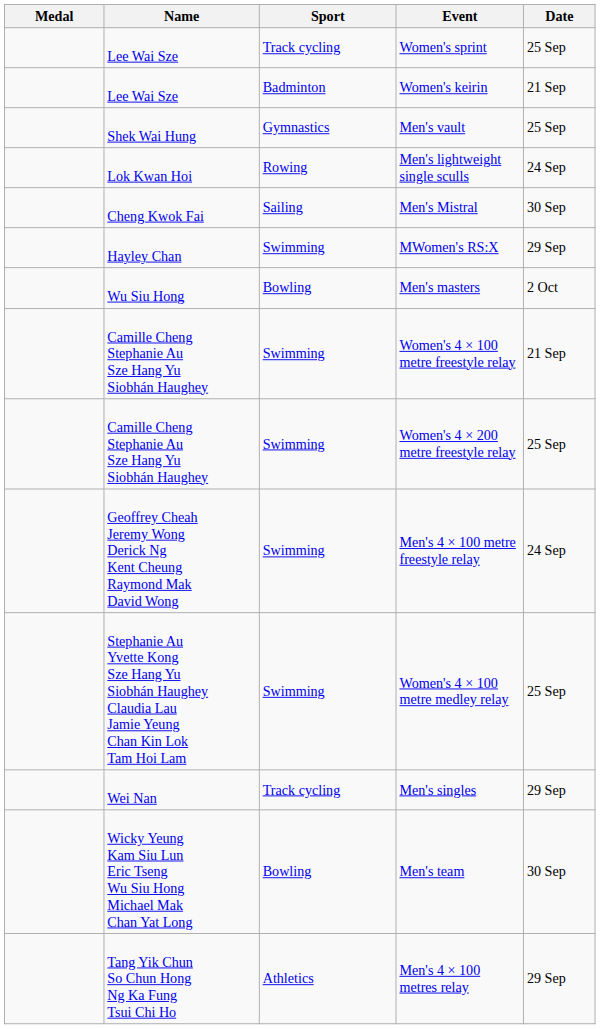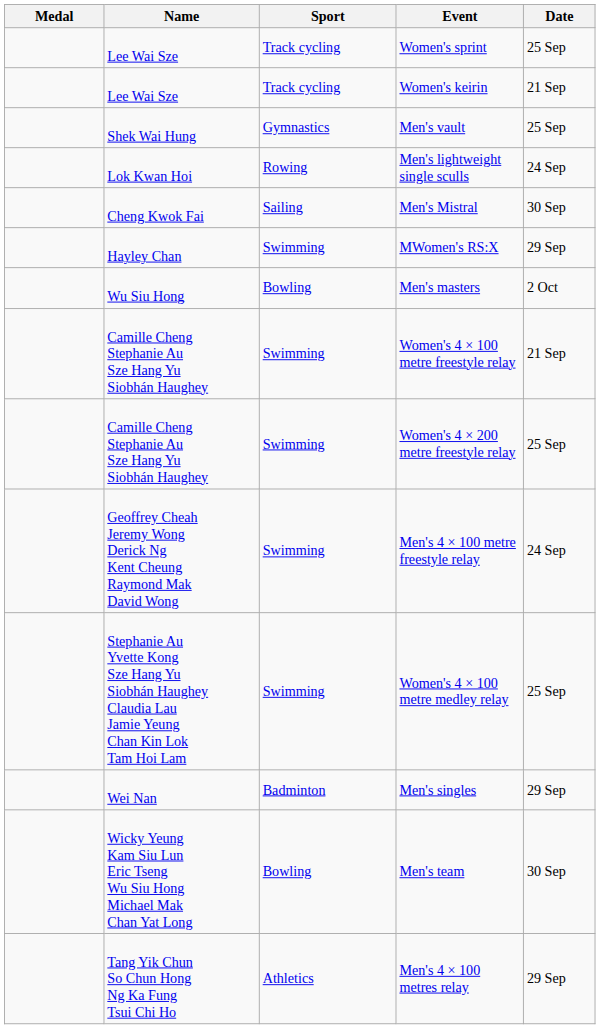 <table class="wikitable sortable" style="font-size:95%">
 <tr>
 <th width=100>Medal</th>
 <th width=160>Name</th>
 <th width=140>Sport</th>
 <th width=130>Event</th>
 <th align="centre" width=70>Date</th>
 </tr>
 <tr>
 <td></td>
 <td><br><a href='#'>Lee Wai Sze</a></td>
 <td><a href='#'>Track cycling</a></td>
 <td><a href='#'>Women's sprint</a></td>
 <td>25 Sep</td>
 </tr>
 <tr>
 <td></td>
 <td><br><a href='#'>Lee Wai Sze</a></td>
-<td><a href='#'>Badminton</a></td>
+<td><a href='#'>Track cycling</a></td>
 <td><a href='#'>Women's keirin</a></td>
 <td>21 Sep</td>
 </tr>
 <tr>
 <td></td>
 <td><br><a href='#'>Shek Wai Hung</a></td>
 <td><a href='#'>Gymnastics</a></td>
 <td><a href='#'>Men's vault</a></td>
 <td>25 Sep</td>
 </tr>
 <tr>
 <td></td>
 <td><br><a href='#'>Lok Kwan Hoi</a></td>
 <td><a href='#'>Rowing</a></td>
 <td><a href='#'>Men's lightweight single sculls</a></td>
 <td>24 Sep</td>
 </tr>
 <tr>
 <td></td>
 <td><br><a href='#'>Cheng Kwok Fai</a></td>
 <td><a href='#'>Sailing</a></td>
 <td><a href='#'>Men's Mistral</a></td>
 <td>30 Sep</td>
 </tr>
 <tr>
 <td></td>
 <td><br><a href='#'>Hayley Chan</a></td>
 <td><a href='#'>Swimming</a></td>
 <td><a href='#'>MWomen's RS:X</a></td>
 <td>29 Sep</td>
 </tr>
 <tr>
 <td></td>
 <td><br><a href='#'>Wu Siu Hong</a></td>
 <td><a href='#'>Bowling</a></td>
 <td><a href='#'>Men's masters</a></td>
 <td>2 Oct</td>
 </tr>
 <tr>
 <td></td>
 <td><br><a href='#'>Camille Cheng</a> <br><a href='#'>Stephanie Au</a> <br><a href='#'>Sze Hang Yu</a> <br><a href='#'>Siobhán Haughey</a></td>
 <td><a href='#'>Swimming</a></td>
 <td><a href='#'>Women's 4 × 100 metre freestyle relay</a></td>
 <td>21 Sep</td>
 </tr>
 <tr>
 <td></td>
 <td><br><a href='#'>Camille Cheng</a> <br><a href='#'>Stephanie Au</a> <br><a href='#'>Sze Hang Yu</a> <br><a href='#'>Siobhán Haughey</a></td>
 <td><a href='#'>Swimming</a></td>
 <td><a href='#'>Women's 4 × 200 metre freestyle relay</a></td>
 <td>25 Sep</td>
 </tr>
 <tr>
 <td></td>
 <td><br><a href='#'>Geoffrey Cheah</a> <br><a href='#'>Jeremy Wong</a> <br><a href='#'>Derick Ng</a> <br><a href='#'>Kent Cheung</a> <br><a href='#'>Raymond Mak</a> <br><a href='#'>David Wong</a></td>
 <td><a href='#'>Swimming</a></td>
 <td><a href='#'>Men's 4 × 100 metre freestyle relay</a></td>
 <td>24 Sep</td>
 </tr>
 <tr>
 <td></td>
 <td><br><a href='#'>Stephanie Au</a> <br><a href='#'>Yvette Kong</a> <br><a href='#'>Sze Hang Yu</a> <br><a href='#'>Siobhán Haughey</a> <br><a href='#'>Claudia Lau</a> <br><a href='#'>Jamie Yeung</a> <br><a href='#'>Chan Kin Lok</a> <br><a href='#'>Tam Hoi Lam</a></td>
 <td><a href='#'>Swimming</a></td>
 <td><a href='#'>Women's 4 × 100 metre medley relay</a></td>
 <td>25 Sep</td>
 </tr>
 <tr>
 <td></td>
 <td><br><a href='#'>Wei Nan</a></td>
-<td><a href='#'>Track cycling</a></td>
+<td><a href='#'>Badminton</a></td>
 <td><a href='#'>Men's singles</a></td>
 <td>29 Sep</td>
 </tr>
 <tr>
 <td></td>
 <td><br><a href='#'>Wicky Yeung</a> <br><a href='#'>Kam Siu Lun</a> <br><a href='#'>Eric Tseng</a> <br><a href='#'>Wu Siu Hong</a> <br><a href='#'>Michael Mak</a> <br><a href='#'>Chan Yat Long</a></td>
 <td><a href='#'>Bowling</a></td>
 <td><a href='#'>Men's team</a></td>
 <td>30 Sep</td>
 </tr>
 <tr>
 <td></td>
 <td><br><a href='#'>Tang Yik Chun</a> <br><a href='#'>So Chun Hong</a> <br><a href='#'>Ng Ka Fung</a> <br><a href='#'>Tsui Chi Ho</a></td>
 <td><a href='#'>Athletics</a></td>
 <td><a href='#'>Men's 4 × 100 metres relay</a></td>
 <td>29 Sep</td>
 </tr>
 </table>
